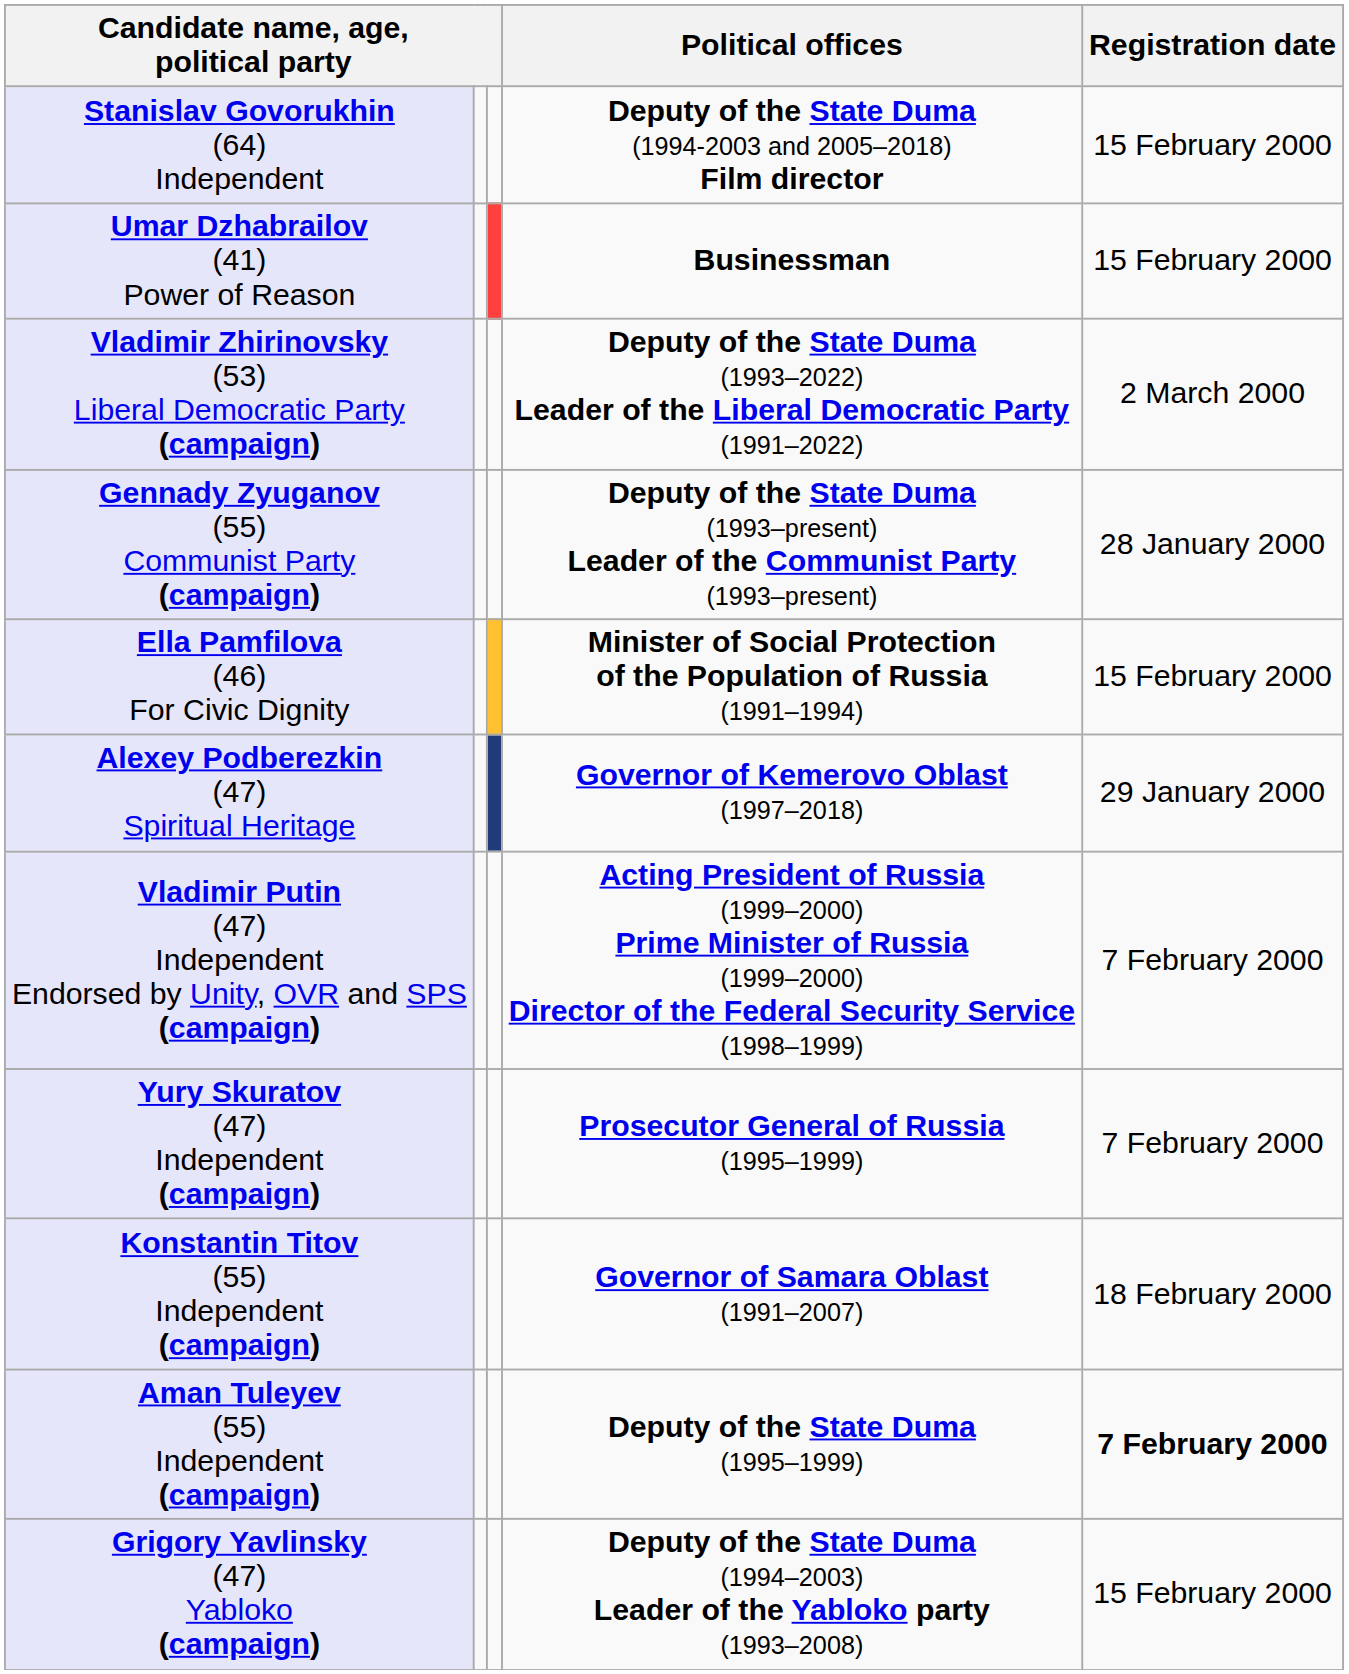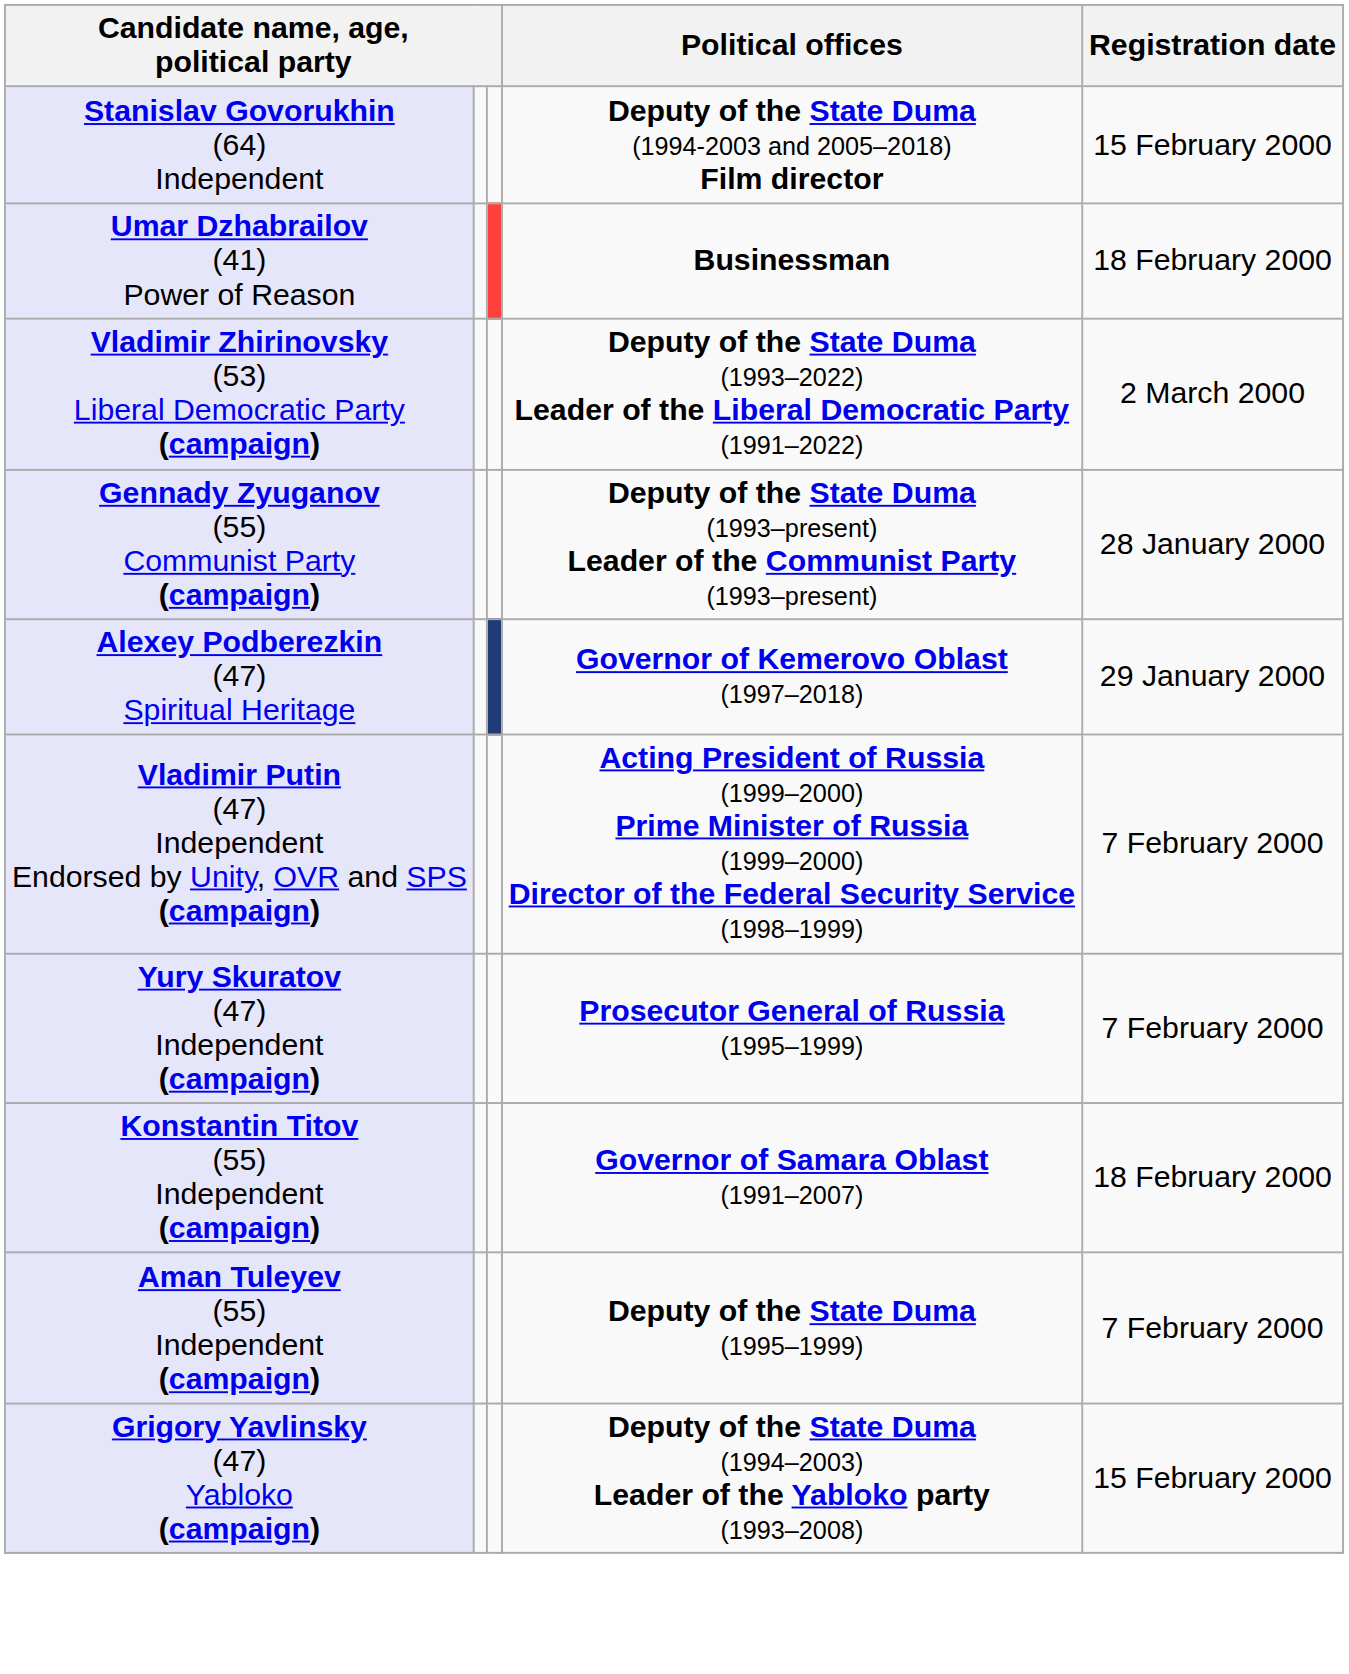 <table class=wikitable style=text-align:center>
 <tr>
 <th colspan="3">Candidate name, age,<br>political party</th>
 <th>Political offices</th>
 <th>Registration date</th>
 </tr>
 <tr>
 <td style="background:lavender;"><strong><a href='#'>Stanislav Govorukhin</a></strong><br>(64)<br>Independent</td>
 <td></td>
 <td style="background-color:"></td>
 <td><strong>Deputy of the <a href='#'>State Duma</a></strong><br><small>(1994-2003 and 2005–2018)</small><br><strong>Film director</strong></td>
 <td>15 February 2000</td>
 </tr>
 <tr>
 <td style="background:lavender;"><strong><a href='#'>Umar Dzhabrailov</a></strong><br>(41)<br>Power of Reason</td>
 <td></td>
 <td style="background-color:#FF403D;"></td>
 <td><strong>Businessman</strong></td>
-<td>15 February 2000</td>
+<td>18 February 2000</td>
 </tr>
 <tr>
 <td style="background:lavender;"><strong><a href='#'>Vladimir Zhirinovsky</a></strong><br>(53)<br><a href='#'>Liberal Democratic Party</a><br><strong>(<a href='#'>campaign</a>)</strong></td>
 <td></td>
 <td style="background-color:"></td>
 <td><strong>Deputy of the <a href='#'>State Duma</a></strong><br><small>(1993–2022)</small><br><strong>Leader of the <a href='#'>Liberal Democratic Party</a></strong><br><small>(1991–2022)</small></td>
 <td>2 March 2000</td>
 </tr>
 <tr>
 <td style="background:lavender;"><strong><a href='#'>Gennady Zyuganov</a></strong><br>(55)<br><a href='#'>Communist Party</a><br><strong>(<a href='#'>campaign</a>)</strong></td>
 <td></td>
 <td style="background-color:"></td>
 <td><strong>Deputy of the <a href='#'>State Duma</a></strong><br><small>(1993–present)</small><br><strong>Leader of the <a href='#'>Communist Party</a></strong><br><small>(1993–present)</small></td>
 <td>28 January 2000</td>
-</tr>
-<tr>
-<td style="background:lavender;"><strong><a href='#'>Ella Pamfilova</a></strong><br>(46)<br>For Civic Dignity</td>
-<td></td>
-<td style="background-color:#FFC130;"></td>
-<td><strong>Minister of Social Protection<br>of the Population of Russia</strong><br><small>(1991–1994)</small></td>
-<td>15 February 2000</td>
 </tr>
 <tr>
 <td style="background:lavender;"><strong><a href='#'>Alexey Podberezkin</a></strong><br>(47)<br><a href='#'>Spiritual Heritage</a></td>
 <td></td>
 <td style="background-color:#1F3C79;"></td>
 <td><strong><a href='#'>Governor of Kemerovo Oblast</a></strong><br><small>(1997–2018)</small></td>
 <td>29 January 2000</td>
 </tr>
 <tr>
 <td style="background:lavender;"><strong><a href='#'>Vladimir Putin</a></strong><br>(47)<br>Independent<br>Endorsed by <a href='#'>Unity</a>, <a href='#'>OVR</a> and <a href='#'>SPS</a><br><strong>(<a href='#'>campaign</a>)</strong></td>
 <td></td>
 <td style="background-color:"></td>
 <td><strong><a href='#'>Acting President of Russia</a></strong><br><small>(1999–2000)</small><br><strong><a href='#'>Prime Minister of Russia</a></strong><br><small>(1999–2000)</small><br><strong><a href='#'>Director of the Federal Security Service</a></strong><br><small>(1998–1999)</small></td>
 <td>7 February 2000</td>
 </tr>
 <tr>
 <td style="background:lavender;"><strong><a href='#'>Yury Skuratov</a></strong><br>(47)<br>Independent<br><strong>(<a href='#'>campaign</a>)</strong></td>
 <td></td>
 <td style="background-color:"></td>
 <td><strong><a href='#'>Prosecutor General of Russia</a></strong><br><small>(1995–1999)</small></td>
 <td>7 February 2000</td>
 </tr>
 <tr>
 <td style="background:lavender;"><strong><a href='#'>Konstantin Titov</a></strong><br>(55)<br>Independent<br><strong>(<a href='#'>campaign</a>)</strong></td>
 <td></td>
 <td style="background-color:"></td>
 <td><strong><a href='#'>Governor of Samara Oblast</a></strong><br><small>(1991–2007)</small></td>
 <td>18 February 2000</td>
 </tr>
 <tr>
 <td style="background:lavender;"><strong><a href='#'>Aman Tuleyev</a></strong><br>(55)<br>Independent<br><strong>(<a href='#'>campaign</a>)</strong></td>
 <td></td>
 <td style="background-color:"></td>
 <td><strong>Deputy of the <a href='#'>State Duma</a></strong><br><small>(1995–1999)</small></td>
-<td><strong>7 February 2000</strong></td>
+<td>7 February 2000</td>
 </tr>
 <tr>
 <td style="background:lavender;"><strong><a href='#'>Grigory Yavlinsky</a></strong><br>(47)<br><a href='#'>Yabloko</a><br><strong>(<a href='#'>campaign</a>)</strong></td>
 <td></td>
 <td style="background-color:"></td>
 <td><strong>Deputy of the <a href='#'>State Duma</a></strong><br><small>(1994–2003)</small><br><strong>Leader of the <a href='#'>Yabloko</a> party</strong><br><small>(1993–2008)</small></td>
 <td>15 February 2000</td>
 </tr>
 </table>
